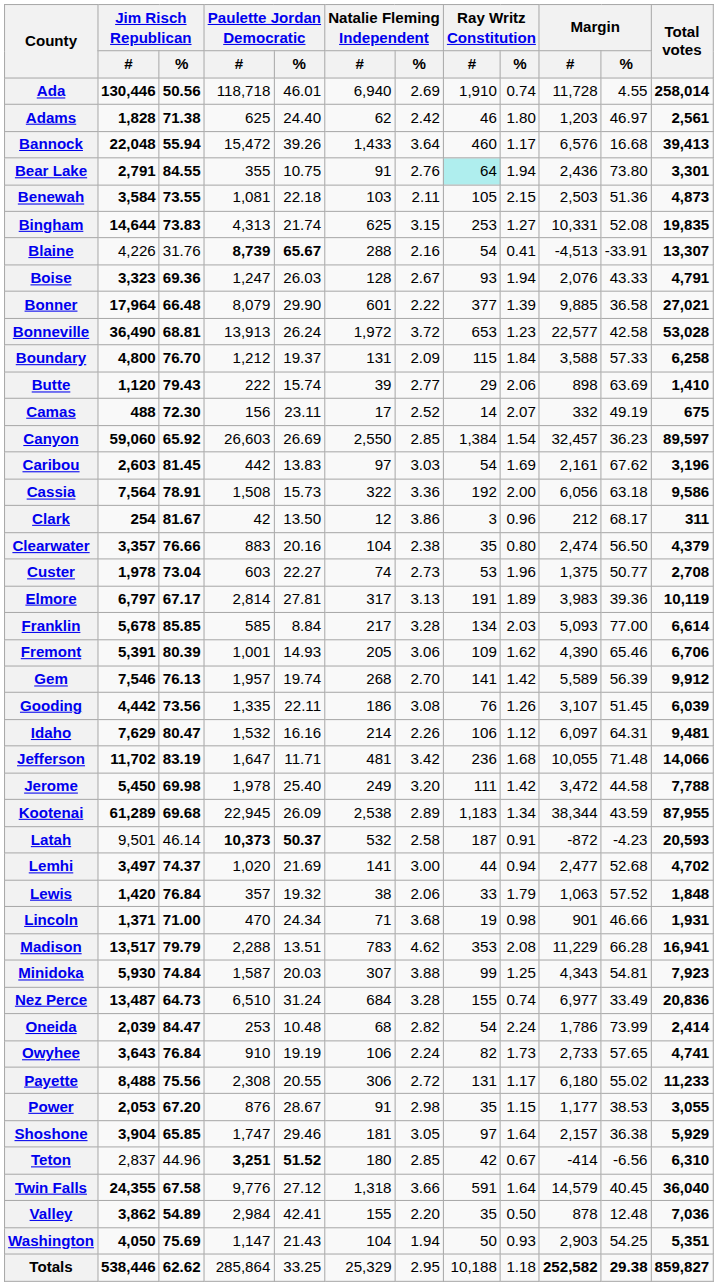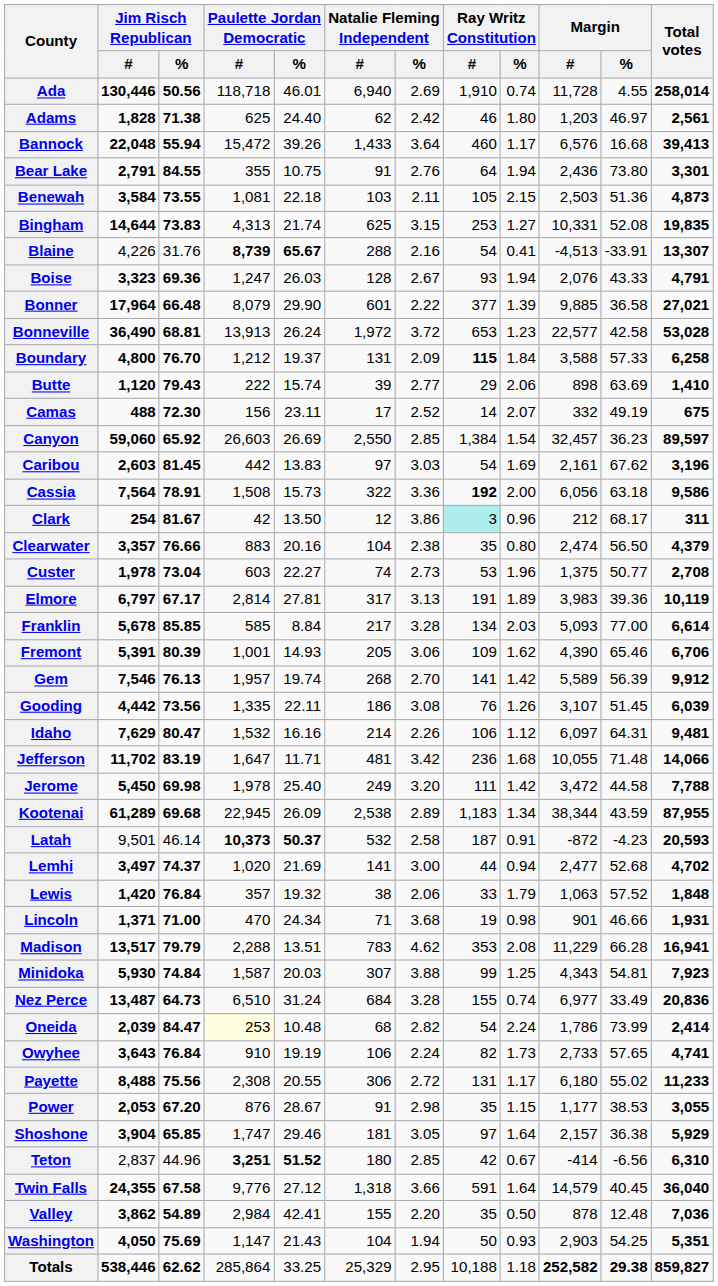 <table class="wikitable sortable" style="text-align:right;font-size:90%;line-height:1.3">
 <tr>
 <th rowspan="2">County</th>
 <th colspan="2"><a href='#'>Jim Risch</a><br><a href='#'>Republican</a></th>
 <th colspan="2"><a href='#'>Paulette Jordan</a><br><a href='#'>Democratic</a></th>
 <th colspan="2">Natalie Fleming<br><a href='#'>Independent</a></th>
 <th colspan="2">Ray Writz<br><a href='#'>Constitution</a></th>
 <th colspan="2">Margin</th>
 <th rowspan="2">Total<br>votes</th>
 </tr>
 <tr>
 <th data-sort-type="number">#</th>
 <th data-sort-type="number">%</th>
 <th data-sort-type="number">#</th>
 <th data-sort-type="number">%</th>
 <th data-sort-type="number">#</th>
 <th data-sort-type="number">%</th>
 <th data-sort-type="number">#</th>
 <th data-sort-type="number">%</th>
 <th data-sort-type="number">#</th>
 <th data-sort-type="number">%</th>
 </tr>
 <tr>
 <th><a href='#'>Ada</a></th>
 <td><strong>130,446</strong></td>
 <td><strong>50.56</strong></td>
 <td>118,718</td>
 <td>46.01</td>
 <td>6,940</td>
 <td>2.69</td>
 <td>1,910</td>
 <td>0.74</td>
 <td>11,728</td>
 <td>4.55</td>
 <td><strong>258,014</strong></td>
 </tr>
 <tr>
 <th><a href='#'>Adams</a></th>
 <td><strong>1,828</strong></td>
 <td><strong>71.38</strong></td>
 <td>625</td>
 <td>24.40</td>
 <td>62</td>
 <td>2.42</td>
 <td>46</td>
 <td>1.80</td>
 <td>1,203</td>
 <td>46.97</td>
 <td><strong>2,561</strong></td>
 </tr>
 <tr>
 <th><a href='#'>Bannock</a></th>
 <td><strong>22,048</strong></td>
 <td><strong>55.94</strong></td>
 <td>15,472</td>
 <td>39.26</td>
 <td>1,433</td>
 <td>3.64</td>
 <td>460</td>
 <td>1.17</td>
 <td>6,576</td>
 <td>16.68</td>
 <td><strong>39,413</strong></td>
 </tr>
 <tr>
 <th><a href='#'>Bear Lake</a></th>
 <td><strong>2,791</strong></td>
 <td><strong>84.55</strong></td>
 <td>355</td>
 <td>10.75</td>
 <td>91</td>
 <td>2.76</td>
-<td style="background: paleturquoise;">64</td>
+<td>64</td>
 <td>1.94</td>
 <td>2,436</td>
 <td>73.80</td>
 <td><strong>3,301</strong></td>
 </tr>
 <tr>
 <th><a href='#'>Benewah</a></th>
 <td><strong>3,584</strong></td>
 <td><strong>73.55</strong></td>
 <td>1,081</td>
 <td>22.18</td>
 <td>103</td>
 <td>2.11</td>
 <td>105</td>
 <td>2.15</td>
 <td>2,503</td>
 <td>51.36</td>
 <td><strong>4,873</strong></td>
 </tr>
 <tr>
 <th><a href='#'>Bingham</a></th>
 <td><strong>14,644</strong></td>
 <td><strong>73.83</strong></td>
 <td>4,313</td>
 <td>21.74</td>
 <td>625</td>
 <td>3.15</td>
 <td>253</td>
 <td>1.27</td>
 <td>10,331</td>
 <td>52.08</td>
 <td><strong>19,835</strong></td>
 </tr>
 <tr>
 <th><a href='#'>Blaine</a></th>
 <td>4,226</td>
 <td>31.76</td>
 <td><strong>8,739</strong></td>
 <td><strong>65.67</strong></td>
 <td>288</td>
 <td>2.16</td>
 <td>54</td>
 <td>0.41</td>
 <td>-4,513</td>
 <td>-33.91</td>
 <td><strong>13,307</strong></td>
 </tr>
 <tr>
 <th><a href='#'>Boise</a></th>
 <td><strong>3,323</strong></td>
 <td><strong>69.36</strong></td>
 <td>1,247</td>
 <td>26.03</td>
 <td>128</td>
 <td>2.67</td>
 <td>93</td>
 <td>1.94</td>
 <td>2,076</td>
 <td>43.33</td>
 <td><strong>4,791</strong></td>
 </tr>
 <tr>
 <th><a href='#'>Bonner</a></th>
 <td><strong>17,964</strong></td>
 <td><strong>66.48</strong></td>
 <td>8,079</td>
 <td>29.90</td>
 <td>601</td>
 <td>2.22</td>
 <td>377</td>
 <td>1.39</td>
 <td>9,885</td>
 <td>36.58</td>
 <td><strong>27,021</strong></td>
 </tr>
 <tr>
 <th><a href='#'>Bonneville</a></th>
 <td><strong>36,490</strong></td>
 <td><strong>68.81</strong></td>
 <td>13,913</td>
 <td>26.24</td>
 <td>1,972</td>
 <td>3.72</td>
 <td>653</td>
 <td>1.23</td>
 <td>22,577</td>
 <td>42.58</td>
 <td><strong>53,028</strong></td>
 </tr>
 <tr>
 <th><a href='#'>Boundary</a></th>
 <td><strong>4,800</strong></td>
 <td><strong>76.70</strong></td>
 <td>1,212</td>
 <td>19.37</td>
 <td>131</td>
 <td>2.09</td>
-<td>115</td>
+<td><strong>115</strong></td>
 <td>1.84</td>
 <td>3,588</td>
 <td>57.33</td>
 <td><strong>6,258</strong></td>
 </tr>
 <tr>
 <th><a href='#'>Butte</a></th>
 <td><strong>1,120</strong></td>
 <td><strong>79.43</strong></td>
 <td>222</td>
 <td>15.74</td>
 <td>39</td>
 <td>2.77</td>
 <td>29</td>
 <td>2.06</td>
 <td>898</td>
 <td>63.69</td>
 <td><strong>1,410</strong></td>
 </tr>
 <tr>
 <th><a href='#'>Camas</a></th>
 <td><strong>488</strong></td>
 <td><strong>72.30</strong></td>
 <td>156</td>
 <td>23.11</td>
 <td>17</td>
 <td>2.52</td>
 <td>14</td>
 <td>2.07</td>
 <td>332</td>
 <td>49.19</td>
 <td><strong>675</strong></td>
 </tr>
 <tr>
 <th><a href='#'>Canyon</a></th>
 <td><strong>59,060</strong></td>
 <td><strong>65.92</strong></td>
 <td>26,603</td>
 <td>26.69</td>
 <td>2,550</td>
 <td>2.85</td>
 <td>1,384</td>
 <td>1.54</td>
 <td>32,457</td>
 <td>36.23</td>
 <td><strong>89,597</strong></td>
 </tr>
 <tr>
 <th><a href='#'>Caribou</a></th>
 <td><strong>2,603</strong></td>
 <td><strong>81.45</strong></td>
 <td>442</td>
 <td>13.83</td>
 <td>97</td>
 <td>3.03</td>
 <td>54</td>
 <td>1.69</td>
 <td>2,161</td>
 <td>67.62</td>
 <td><strong>3,196</strong></td>
 </tr>
 <tr>
 <th><a href='#'>Cassia</a></th>
 <td><strong>7,564</strong></td>
 <td><strong>78.91</strong></td>
 <td>1,508</td>
 <td>15.73</td>
 <td>322</td>
 <td>3.36</td>
-<td>192</td>
+<td><strong>192</strong></td>
 <td>2.00</td>
 <td>6,056</td>
 <td>63.18</td>
 <td><strong>9,586</strong></td>
 </tr>
 <tr>
 <th><a href='#'>Clark</a></th>
 <td><strong>254</strong></td>
 <td><strong>81.67</strong></td>
 <td>42</td>
 <td>13.50</td>
 <td>12</td>
 <td>3.86</td>
-<td>3</td>
+<td style="background: paleturquoise;">3</td>
 <td>0.96</td>
 <td>212</td>
 <td>68.17</td>
 <td><strong>311</strong></td>
 </tr>
 <tr>
 <th><a href='#'>Clearwater</a></th>
 <td><strong>3,357</strong></td>
 <td><strong>76.66</strong></td>
 <td>883</td>
 <td>20.16</td>
 <td>104</td>
 <td>2.38</td>
 <td>35</td>
 <td>0.80</td>
 <td>2,474</td>
 <td>56.50</td>
 <td><strong>4,379</strong></td>
 </tr>
 <tr>
 <th><a href='#'>Custer</a></th>
 <td><strong>1,978</strong></td>
 <td><strong>73.04</strong></td>
 <td>603</td>
 <td>22.27</td>
 <td>74</td>
 <td>2.73</td>
 <td>53</td>
 <td>1.96</td>
 <td>1,375</td>
 <td>50.77</td>
 <td><strong>2,708</strong></td>
 </tr>
 <tr>
 <th><a href='#'>Elmore</a></th>
 <td><strong>6,797</strong></td>
 <td><strong>67.17</strong></td>
 <td>2,814</td>
 <td>27.81</td>
 <td>317</td>
 <td>3.13</td>
 <td>191</td>
 <td>1.89</td>
 <td>3,983</td>
 <td>39.36</td>
 <td><strong>10,119</strong></td>
 </tr>
 <tr>
 <th><a href='#'>Franklin</a></th>
 <td><strong>5,678</strong></td>
 <td><strong>85.85</strong></td>
 <td>585</td>
 <td>8.84</td>
 <td>217</td>
 <td>3.28</td>
 <td>134</td>
 <td>2.03</td>
 <td>5,093</td>
 <td>77.00</td>
 <td><strong>6,614</strong></td>
 </tr>
 <tr>
 <th><a href='#'>Fremont</a></th>
 <td><strong>5,391</strong></td>
 <td><strong>80.39</strong></td>
 <td>1,001</td>
 <td>14.93</td>
 <td>205</td>
 <td>3.06</td>
 <td>109</td>
 <td>1.62</td>
 <td>4,390</td>
 <td>65.46</td>
 <td><strong>6,706</strong></td>
 </tr>
 <tr>
 <th><a href='#'>Gem</a></th>
 <td><strong>7,546</strong></td>
 <td><strong>76.13</strong></td>
 <td>1,957</td>
 <td>19.74</td>
 <td>268</td>
 <td>2.70</td>
 <td>141</td>
 <td>1.42</td>
 <td>5,589</td>
 <td>56.39</td>
 <td><strong>9,912</strong></td>
 </tr>
 <tr>
 <th><a href='#'>Gooding</a></th>
 <td><strong>4,442</strong></td>
 <td><strong>73.56</strong></td>
 <td>1,335</td>
 <td>22.11</td>
 <td>186</td>
 <td>3.08</td>
 <td>76</td>
 <td>1.26</td>
 <td>3,107</td>
 <td>51.45</td>
 <td><strong>6,039</strong></td>
 </tr>
 <tr>
 <th><a href='#'>Idaho</a></th>
 <td><strong>7,629</strong></td>
 <td><strong>80.47</strong></td>
 <td>1,532</td>
 <td>16.16</td>
 <td>214</td>
 <td>2.26</td>
 <td>106</td>
 <td>1.12</td>
 <td>6,097</td>
 <td>64.31</td>
 <td><strong>9,481</strong></td>
 </tr>
 <tr>
 <th><a href='#'>Jefferson</a></th>
 <td><strong>11,702</strong></td>
 <td><strong>83.19</strong></td>
 <td>1,647</td>
 <td>11.71</td>
 <td>481</td>
 <td>3.42</td>
 <td>236</td>
 <td>1.68</td>
 <td>10,055</td>
 <td>71.48</td>
 <td><strong>14,066</strong></td>
 </tr>
 <tr>
 <th><a href='#'>Jerome</a></th>
 <td><strong>5,450</strong></td>
 <td><strong>69.98</strong></td>
 <td>1,978</td>
 <td>25.40</td>
 <td>249</td>
 <td>3.20</td>
 <td>111</td>
 <td>1.42</td>
 <td>3,472</td>
 <td>44.58</td>
 <td><strong>7,788</strong></td>
 </tr>
 <tr>
 <th><a href='#'>Kootenai</a></th>
 <td><strong>61,289</strong></td>
 <td><strong>69.68</strong></td>
 <td>22,945</td>
 <td>26.09</td>
 <td>2,538</td>
 <td>2.89</td>
 <td>1,183</td>
 <td>1.34</td>
 <td>38,344</td>
 <td>43.59</td>
 <td><strong>87,955</strong></td>
 </tr>
 <tr>
 <th><a href='#'>Latah</a></th>
 <td>9,501</td>
 <td>46.14</td>
 <td><strong>10,373</strong></td>
 <td><strong>50.37</strong></td>
 <td>532</td>
 <td>2.58</td>
 <td>187</td>
 <td>0.91</td>
 <td>-872</td>
 <td>-4.23</td>
 <td><strong>20,593</strong></td>
 </tr>
 <tr>
 <th><a href='#'>Lemhi</a></th>
 <td><strong>3,497</strong></td>
 <td><strong>74.37</strong></td>
 <td>1,020</td>
 <td>21.69</td>
 <td>141</td>
 <td>3.00</td>
 <td>44</td>
 <td>0.94</td>
 <td>2,477</td>
 <td>52.68</td>
 <td><strong>4,702</strong></td>
 </tr>
 <tr>
 <th><a href='#'>Lewis</a></th>
 <td><strong>1,420</strong></td>
 <td><strong>76.84</strong></td>
 <td>357</td>
 <td>19.32</td>
 <td>38</td>
 <td>2.06</td>
 <td>33</td>
 <td>1.79</td>
 <td>1,063</td>
 <td>57.52</td>
 <td><strong>1,848</strong></td>
 </tr>
 <tr>
 <th><a href='#'>Lincoln</a></th>
 <td><strong>1,371</strong></td>
 <td><strong>71.00</strong></td>
 <td>470</td>
 <td>24.34</td>
 <td>71</td>
 <td>3.68</td>
 <td>19</td>
 <td>0.98</td>
 <td>901</td>
 <td>46.66</td>
 <td><strong>1,931</strong></td>
 </tr>
 <tr>
 <th><a href='#'>Madison</a></th>
 <td><strong>13,517</strong></td>
 <td><strong>79.79</strong></td>
 <td>2,288</td>
 <td>13.51</td>
 <td>783</td>
 <td>4.62</td>
 <td>353</td>
 <td>2.08</td>
 <td>11,229</td>
 <td>66.28</td>
 <td><strong>16,941</strong></td>
 </tr>
 <tr>
 <th><a href='#'>Minidoka</a></th>
 <td><strong>5,930</strong></td>
 <td><strong>74.84</strong></td>
 <td>1,587</td>
 <td>20.03</td>
 <td>307</td>
 <td>3.88</td>
 <td>99</td>
 <td>1.25</td>
 <td>4,343</td>
 <td>54.81</td>
 <td><strong>7,923</strong></td>
 </tr>
 <tr>
 <th><a href='#'>Nez Perce</a></th>
 <td><strong>13,487</strong></td>
 <td><strong>64.73</strong></td>
 <td>6,510</td>
 <td>31.24</td>
 <td>684</td>
 <td>3.28</td>
 <td>155</td>
 <td>0.74</td>
 <td>6,977</td>
 <td>33.49</td>
 <td><strong>20,836</strong></td>
 </tr>
 <tr>
 <th><a href='#'>Oneida</a></th>
 <td><strong>2,039</strong></td>
 <td><strong>84.47</strong></td>
-<td>253</td>
+<td style="background: lightyellow;">253</td>
 <td>10.48</td>
 <td>68</td>
 <td>2.82</td>
 <td>54</td>
 <td>2.24</td>
 <td>1,786</td>
 <td>73.99</td>
 <td><strong>2,414</strong></td>
 </tr>
 <tr>
 <th><a href='#'>Owyhee</a></th>
 <td><strong>3,643</strong></td>
 <td><strong>76.84</strong></td>
 <td>910</td>
 <td>19.19</td>
 <td>106</td>
 <td>2.24</td>
 <td>82</td>
 <td>1.73</td>
 <td>2,733</td>
 <td>57.65</td>
 <td><strong>4,741</strong></td>
 </tr>
 <tr>
 <th><a href='#'>Payette</a></th>
 <td><strong>8,488</strong></td>
 <td><strong>75.56</strong></td>
 <td>2,308</td>
 <td>20.55</td>
 <td>306</td>
 <td>2.72</td>
 <td>131</td>
 <td>1.17</td>
 <td>6,180</td>
 <td>55.02</td>
 <td><strong>11,233</strong></td>
 </tr>
 <tr>
 <th><a href='#'>Power</a></th>
 <td><strong>2,053</strong></td>
 <td><strong>67.20</strong></td>
 <td>876</td>
 <td>28.67</td>
 <td>91</td>
 <td>2.98</td>
 <td>35</td>
 <td>1.15</td>
 <td>1,177</td>
 <td>38.53</td>
 <td><strong>3,055</strong></td>
 </tr>
 <tr>
 <th><a href='#'>Shoshone</a></th>
 <td><strong>3,904</strong></td>
 <td><strong>65.85</strong></td>
 <td>1,747</td>
 <td>29.46</td>
 <td>181</td>
 <td>3.05</td>
 <td>97</td>
 <td>1.64</td>
 <td>2,157</td>
 <td>36.38</td>
 <td><strong>5,929</strong></td>
 </tr>
 <tr>
 <th><a href='#'>Teton</a></th>
 <td>2,837</td>
 <td>44.96</td>
 <td><strong>3,251</strong></td>
 <td><strong>51.52</strong></td>
 <td>180</td>
 <td>2.85</td>
 <td>42</td>
 <td>0.67</td>
 <td>-414</td>
 <td>-6.56</td>
 <td><strong>6,310</strong></td>
 </tr>
 <tr>
 <th><a href='#'>Twin Falls</a></th>
 <td><strong>24,355</strong></td>
 <td><strong>67.58</strong></td>
 <td>9,776</td>
 <td>27.12</td>
 <td>1,318</td>
 <td>3.66</td>
 <td>591</td>
 <td>1.64</td>
 <td>14,579</td>
 <td>40.45</td>
 <td><strong>36,040</strong></td>
 </tr>
 <tr>
 <th><a href='#'>Valley</a></th>
 <td><strong>3,862</strong></td>
 <td><strong>54.89</strong></td>
 <td>2,984</td>
 <td>42.41</td>
 <td>155</td>
 <td>2.20</td>
 <td>35</td>
 <td>0.50</td>
 <td>878</td>
 <td>12.48</td>
 <td><strong>7,036</strong></td>
 </tr>
 <tr>
 <th><a href='#'>Washington</a></th>
 <td><strong>4,050</strong></td>
 <td><strong>75.69</strong></td>
 <td>1,147</td>
 <td>21.43</td>
 <td>104</td>
 <td>1.94</td>
 <td>50</td>
 <td>0.93</td>
 <td>2,903</td>
 <td>54.25</td>
 <td><strong>5,351</strong></td>
 </tr>
 <tr class="sortbottom">
 <th>Totals</th>
 <td><strong>538,446</strong></td>
 <td><strong>62.62</strong></td>
 <td>285,864</td>
 <td>33.25</td>
 <td>25,329</td>
 <td>2.95</td>
 <td>10,188</td>
 <td>1.18</td>
 <td><strong>252,582</strong></td>
 <td><strong>29.38</strong></td>
 <td><strong>859,827</strong></td>
 </tr>
 </table>
